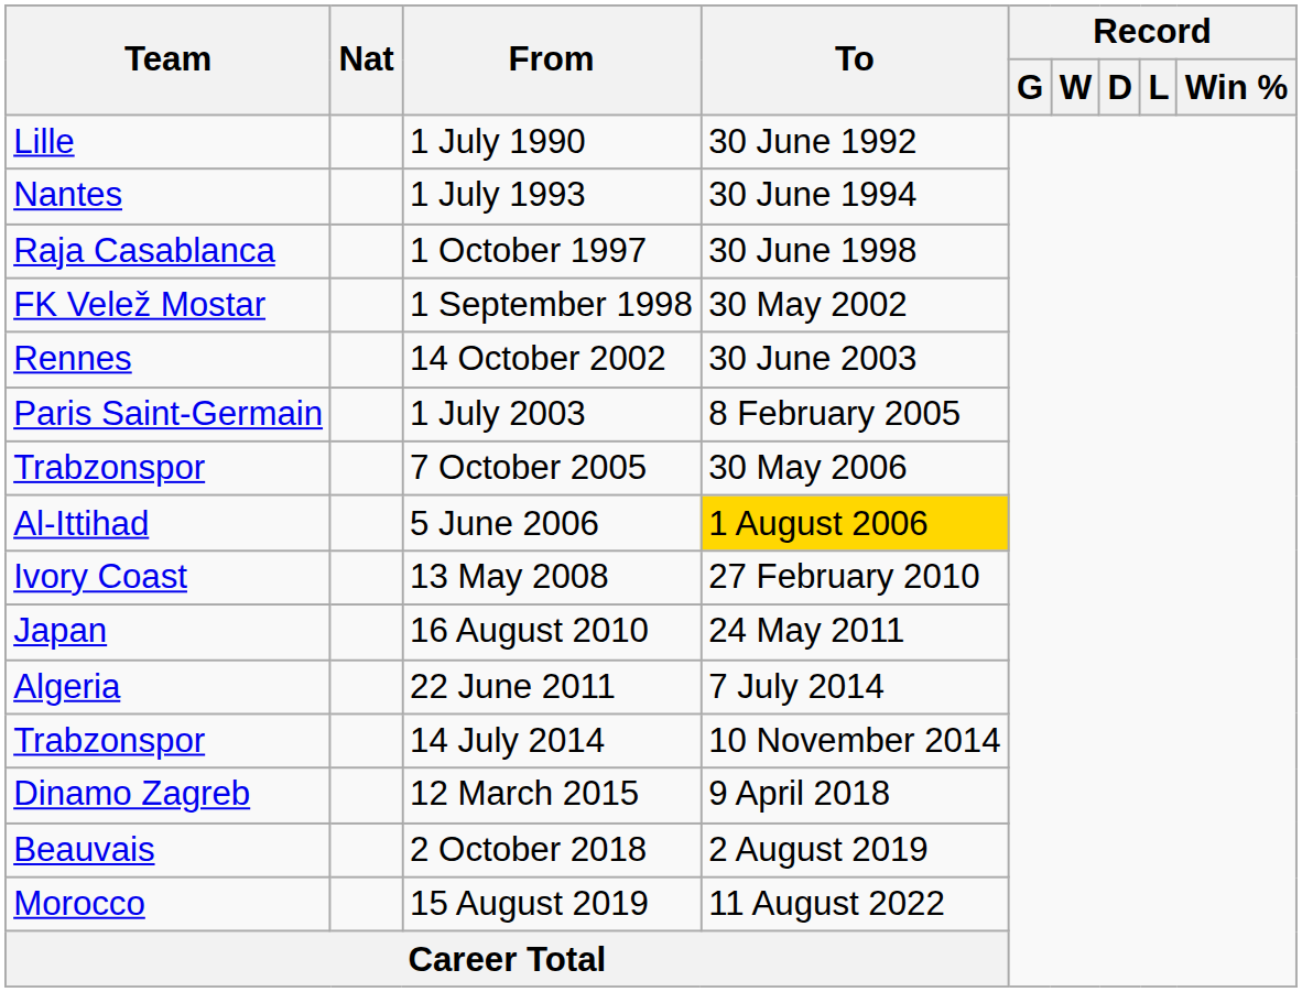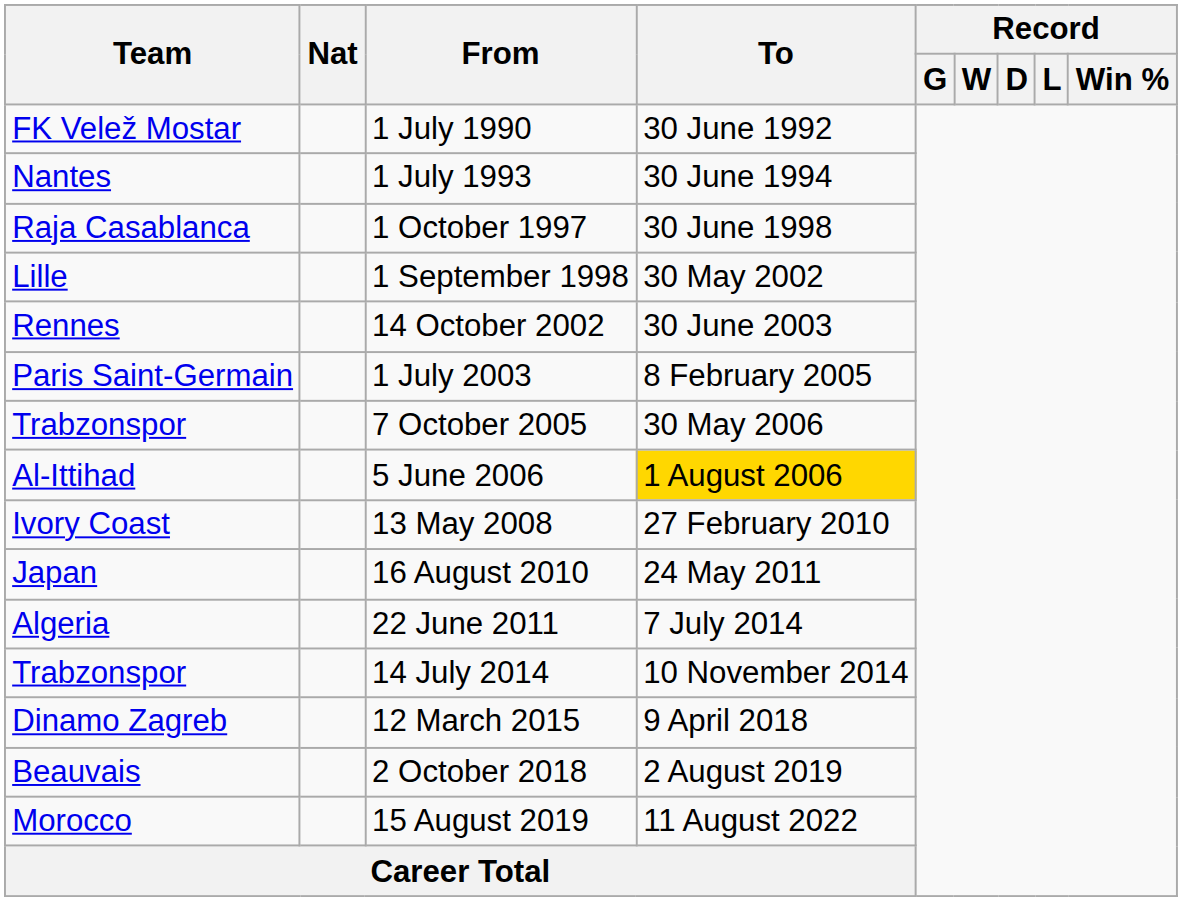 <table class="wikitable" style="text-align: center">
 <tr>
 <th rowspan="2">Team</th>
 <th rowspan="2">Nat</th>
 <th rowspan="2">From</th>
 <th rowspan="2">To</th>
 <th colspan="9">Record</th>
 </tr>
 <tr>
 <th>G</th>
 <th>W</th>
 <th>D</th>
 <th>L</th>
 <th>Win %</th>
 </tr>
 <tr>
-<td align=left><a href='#'>Lille</a></td>
+<td align=left><a href='#'>FK Velež Mostar</a></td>
 <td></td>
 <td align=left>1 July 1990</td>
 <td align=left>30 June 1992<br></td>
 </tr>
 <tr>
 <td align=left><a href='#'>Nantes</a></td>
 <td></td>
 <td align=left>1 July 1993</td>
 <td align=left>30 June 1994<br></td>
 </tr>
 <tr>
 <td align=left><a href='#'>Raja Casablanca</a></td>
 <td></td>
 <td align=left>1 October 1997</td>
 <td align=left>30 June 1998<br></td>
 </tr>
 <tr>
-<td align=left><a href='#'>FK Velež Mostar</a></td>
+<td align=left><a href='#'>Lille</a></td>
 <td></td>
 <td align=left>1 September 1998</td>
 <td align=left>30 May 2002<br></td>
 </tr>
 <tr>
 <td align=left><a href='#'>Rennes</a></td>
 <td></td>
 <td align=left>14 October 2002</td>
 <td align=left>30 June 2003<br></td>
 </tr>
 <tr>
 <td align=left><a href='#'>Paris Saint-Germain</a></td>
 <td></td>
 <td align=left>1 July 2003</td>
 <td align=left>8 February 2005<br></td>
 </tr>
 <tr>
 <td align=left><a href='#'>Trabzonspor</a></td>
 <td></td>
 <td align=left>7 October 2005</td>
 <td align=left>30 May 2006<br></td>
 </tr>
 <tr>
 <td align=left><a href='#'>Al-Ittihad</a></td>
 <td></td>
 <td align=left>5 June 2006</td>
 <td align=left style="background: gold;">1 August 2006<br></td>
 </tr>
 <tr>
 <td align=left><a href='#'>Ivory Coast</a></td>
 <td></td>
 <td align=left>13 May 2008</td>
 <td align=left>27 February 2010<br></td>
 </tr>
 <tr>
 <td align=left><a href='#'>Japan</a></td>
 <td></td>
 <td align=left>16 August 2010</td>
 <td align=left>24 May 2011<br></td>
 </tr>
 <tr>
 <td align=left><a href='#'>Algeria</a></td>
 <td></td>
 <td align=left>22 June 2011</td>
 <td align=left>7 July 2014<br></td>
 </tr>
 <tr>
 <td align=left><a href='#'>Trabzonspor</a></td>
 <td></td>
 <td align=left>14 July 2014</td>
 <td align=left>10 November 2014<br></td>
 </tr>
 <tr>
 <td align=left><a href='#'>Dinamo Zagreb</a></td>
 <td></td>
 <td align=left>12 March 2015</td>
 <td align=left>9 April 2018<br></td>
 </tr>
 <tr>
 <td align=left><a href='#'>Beauvais</a></td>
 <td></td>
 <td align=left>2 October 2018</td>
 <td align=left>2 August 2019<br></td>
 </tr>
 <tr>
 <td align=left><a href='#'>Morocco</a></td>
 <td></td>
 <td align=left>15 August 2019</td>
 <td align=left>11 August 2022<br></td>
 </tr>
 <tr>
 <th colspan="4">Career Total<br></th>
 </tr>
 </table>
